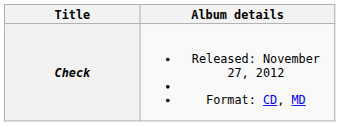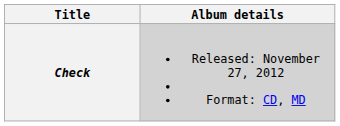 <table class="wikitable plainrowheaders" style="text-align:center;">
 <tr>
 <th scope="col" style="width:11em;">Title</th>
 <th scope="col" style="width:16em;">Album details</th>
 </tr>
 <tr>
 <th scope="row"><em>Check</em></th>
-<td><br><ul><li>Released: November 27, 2012</li><li></li><li>Format: <a href='#'>CD</a>, <a href='#'>MD</a></li></ul></td>
+<td style="background: lightgrey;"><br><ul><li>Released: November 27, 2012</li><li></li><li>Format: <a href='#'>CD</a>, <a href='#'>MD</a></li></ul></td>
 </tr>
 </table>
